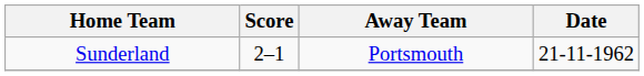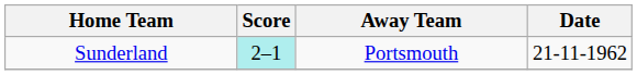 <table class="wikitable" style="text-align:center;">
 <tr>
 <th width=175>Home Team</th>
 <th width=20>Score</th>
 <th width=175>Away Team</th>
 <th width= 75>Date</th>
 </tr>
 <tr>
 <td><a href='#'>Sunderland</a></td>
-<td>2–1</td>
+<td style="background: paleturquoise;">2–1</td>
 <td><a href='#'>Portsmouth</a></td>
 <td>21-11-1962</td>
 </tr>
 <tr>
 </tr>
 </table>
